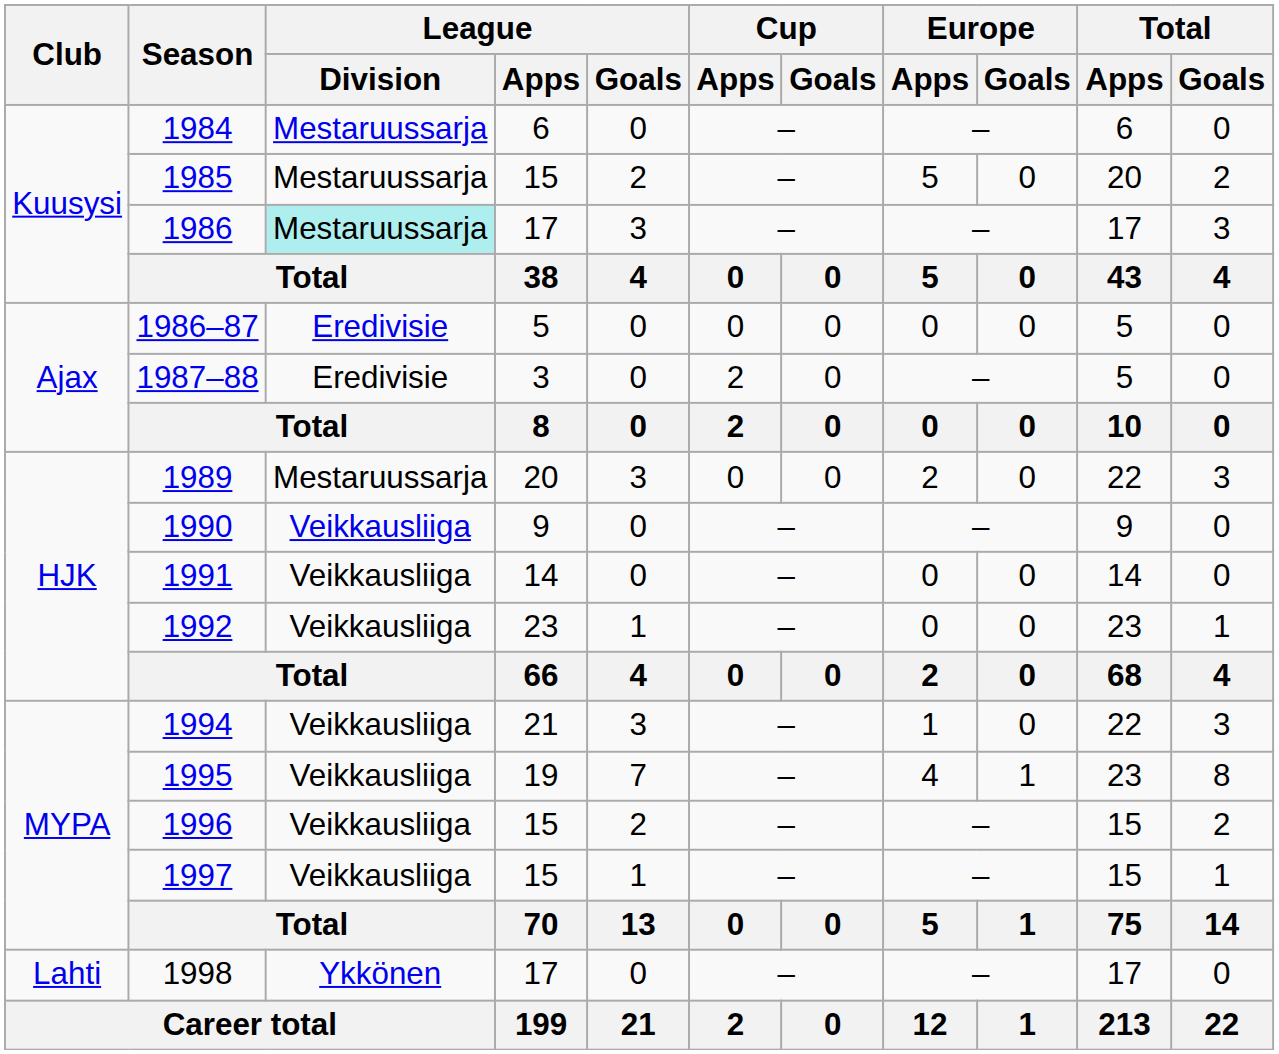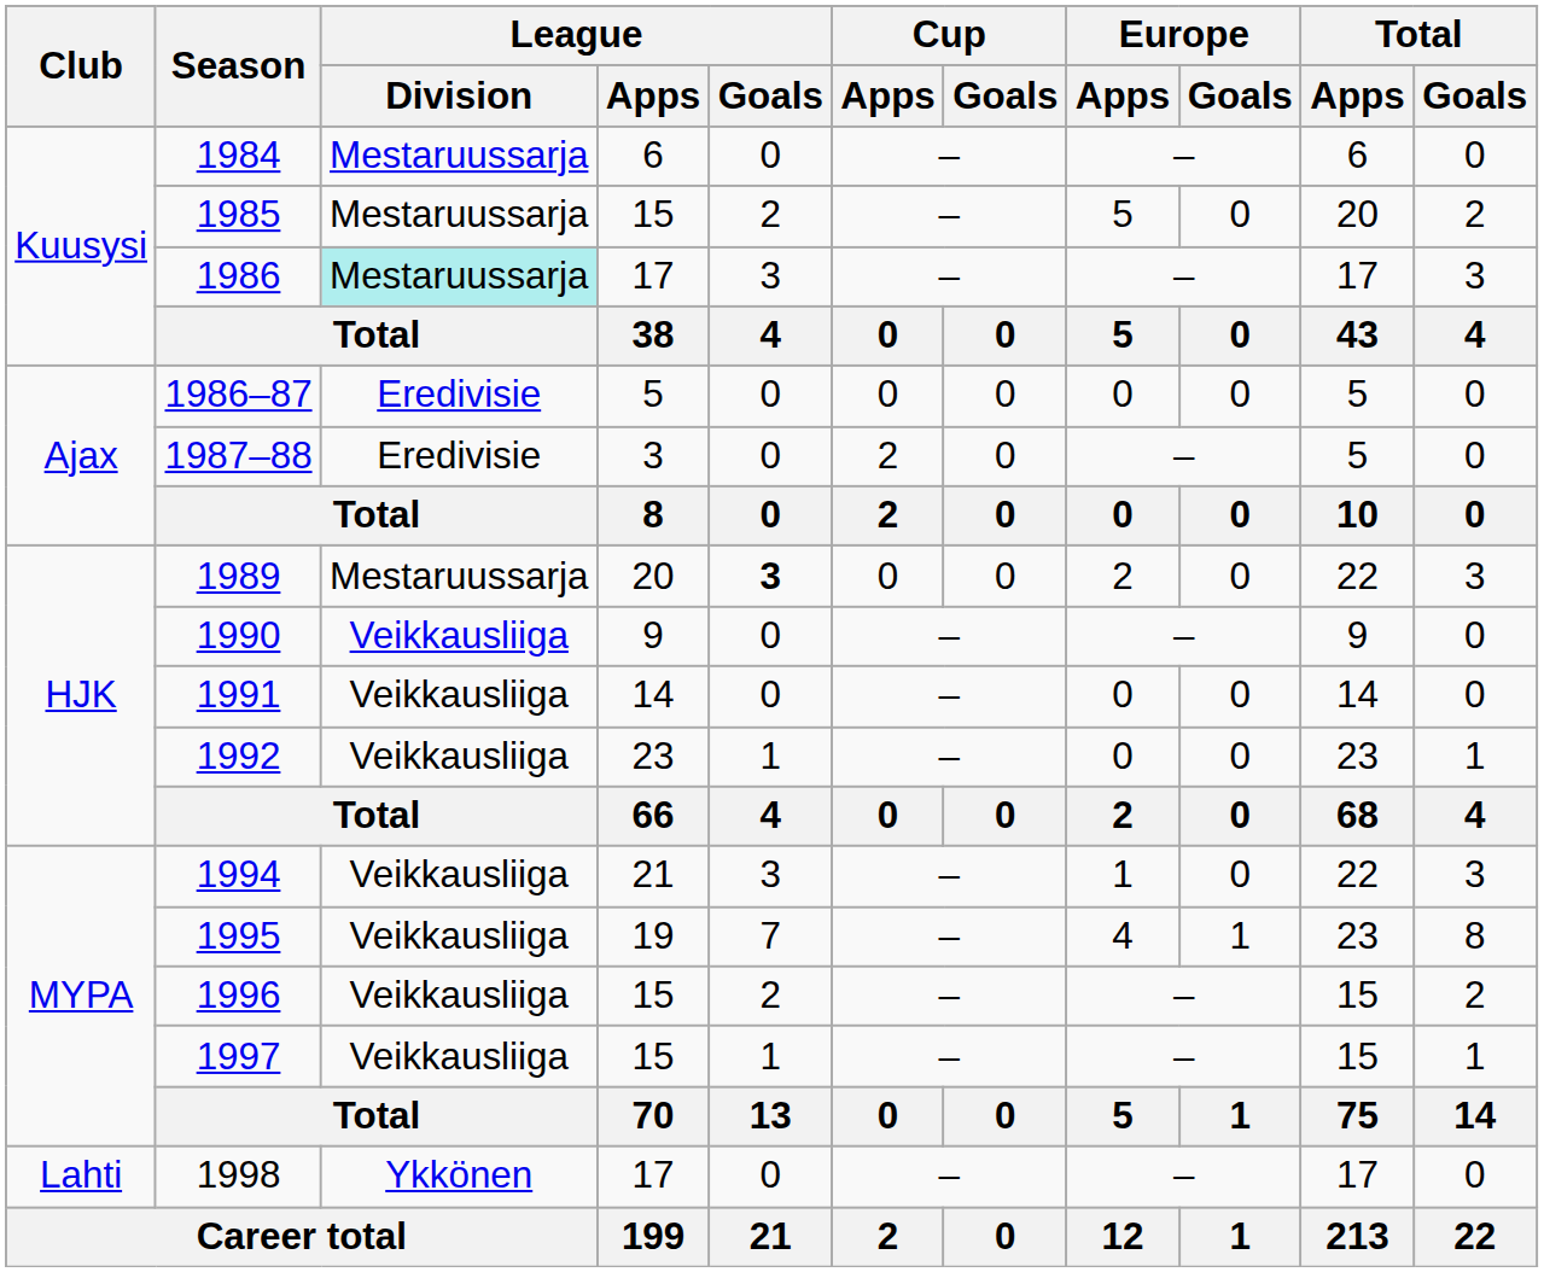 <table class="wikitable" style="text-align:center">
 <tr>
 <th rowspan="2">Club</th>
 <th rowspan="2">Season</th>
 <th colspan="3">League</th>
 <th colspan="2">Cup</th>
 <th colspan="2">Europe</th>
 <th colspan="2">Total</th>
 </tr>
 <tr>
 <th>Division</th>
 <th>Apps</th>
 <th>Goals</th>
 <th>Apps</th>
 <th>Goals</th>
 <th>Apps</th>
 <th>Goals</th>
 <th>Apps</th>
 <th>Goals</th>
 </tr>
 <tr>
 <td rowspan="4"><a href='#'>Kuusysi</a></td>
 <td><a href='#'>1984</a></td>
 <td><a href='#'>Mestaruussarja</a></td>
 <td>6</td>
 <td>0</td>
 <td colspan=2>–</td>
 <td colspan=2>–</td>
 <td>6</td>
 <td>0</td>
 </tr>
 <tr>
 <td><a href='#'>1985</a></td>
 <td>Mestaruussarja</td>
 <td>15</td>
 <td>2</td>
 <td colspan=2>–</td>
 <td>5</td>
 <td>0</td>
 <td>20</td>
 <td>2</td>
 </tr>
 <tr>
 <td><a href='#'>1986</a></td>
 <td style="background: paleturquoise;">Mestaruussarja</td>
 <td>17</td>
 <td>3</td>
 <td colspan=2>–</td>
 <td colspan=2>–</td>
 <td>17</td>
 <td>3</td>
 </tr>
 <tr>
 <th colspan=2>Total</th>
 <th>38</th>
 <th>4</th>
 <th>0</th>
 <th>0</th>
 <th>5</th>
 <th>0</th>
 <th>43</th>
 <th>4</th>
 </tr>
 <tr>
 <td rowspan=3><a href='#'>Ajax</a></td>
 <td><a href='#'>1986–87</a></td>
 <td><a href='#'>Eredivisie</a></td>
 <td>5</td>
 <td>0</td>
 <td>0</td>
 <td>0</td>
 <td>0</td>
 <td>0</td>
 <td>5</td>
 <td>0</td>
 </tr>
 <tr>
 <td><a href='#'>1987–88</a></td>
 <td>Eredivisie</td>
 <td>3</td>
 <td>0</td>
 <td>2</td>
 <td>0</td>
 <td colspan=2>–</td>
 <td>5</td>
 <td>0</td>
 </tr>
 <tr>
 <th colspan=2>Total</th>
 <th>8</th>
 <th>0</th>
 <th>2</th>
 <th>0</th>
 <th>0</th>
 <th>0</th>
 <th>10</th>
 <th>0</th>
 </tr>
 <tr>
 <td rowspan=5><a href='#'>HJK</a></td>
 <td><a href='#'>1989</a></td>
 <td>Mestaruussarja</td>
 <td>20</td>
-<td>3</td>
+<td><strong>3</strong></td>
 <td>0</td>
 <td>0</td>
 <td>2</td>
 <td>0</td>
 <td>22</td>
 <td>3</td>
 </tr>
 <tr>
 <td><a href='#'>1990</a></td>
 <td><a href='#'>Veikkausliiga</a></td>
 <td>9</td>
 <td>0</td>
 <td colspan=2>–</td>
 <td colspan=2>–</td>
 <td>9</td>
 <td>0</td>
 </tr>
 <tr>
 <td><a href='#'>1991</a></td>
 <td>Veikkausliiga</td>
 <td>14</td>
 <td>0</td>
 <td colspan=2>–</td>
 <td>0</td>
 <td>0</td>
 <td>14</td>
 <td>0</td>
 </tr>
 <tr>
 <td><a href='#'>1992</a></td>
 <td>Veikkausliiga</td>
 <td>23</td>
 <td>1</td>
 <td colspan=2>–</td>
 <td>0</td>
 <td>0</td>
 <td>23</td>
 <td>1</td>
 </tr>
 <tr>
 <th colspan=2>Total</th>
 <th>66</th>
 <th>4</th>
 <th>0</th>
 <th>0</th>
 <th>2</th>
 <th>0</th>
 <th>68</th>
 <th>4</th>
 </tr>
 <tr>
 <td rowspan=5><a href='#'>MYPA</a></td>
 <td><a href='#'>1994</a></td>
 <td>Veikkausliiga</td>
 <td>21</td>
 <td>3</td>
 <td colspan=2>–</td>
 <td>1</td>
 <td>0</td>
 <td>22</td>
 <td>3</td>
 </tr>
 <tr>
 <td><a href='#'>1995</a></td>
 <td>Veikkausliiga</td>
 <td>19</td>
 <td>7</td>
 <td colspan=2>–</td>
 <td>4</td>
 <td>1</td>
 <td>23</td>
 <td>8</td>
 </tr>
 <tr>
 <td><a href='#'>1996</a></td>
 <td>Veikkausliiga</td>
 <td>15</td>
 <td>2</td>
 <td colspan=2>–</td>
 <td colspan=2>–</td>
 <td>15</td>
 <td>2</td>
 </tr>
 <tr>
 <td><a href='#'>1997</a></td>
 <td>Veikkausliiga</td>
 <td>15</td>
 <td>1</td>
 <td colspan=2>–</td>
 <td colspan=2>–</td>
 <td>15</td>
 <td>1</td>
 </tr>
 <tr>
 <th colspan=2>Total</th>
 <th>70</th>
 <th>13</th>
 <th>0</th>
 <th>0</th>
 <th>5</th>
 <th>1</th>
 <th>75</th>
 <th>14</th>
 </tr>
 <tr>
 <td><a href='#'>Lahti</a></td>
 <td>1998</td>
 <td><a href='#'>Ykkönen</a></td>
 <td>17</td>
 <td>0</td>
 <td colspan=2>–</td>
 <td colspan=2>–</td>
 <td>17</td>
 <td>0</td>
 </tr>
 <tr>
 <th colspan="3">Career total</th>
 <th>199</th>
 <th>21</th>
 <th>2</th>
 <th>0</th>
 <th>12</th>
 <th>1</th>
 <th>213</th>
 <th>22</th>
 </tr>
 </table>
